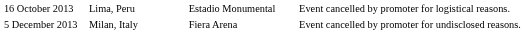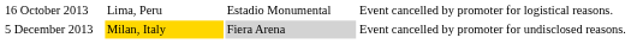 <table cellpadding="2" style="border:0 solid darkgrey; font-size:90%">
 <tr>
 <th style="width:150px;"></th>
 <th style="width:200px;"></th>
 <th style="width:200px;"></th>
 <th style="width:750px;"></th>
 </tr>
 <tr border="0"|->
 <td>16 October 2013</td>
 <td>Lima, Peru</td>
 <td>Estadio Monumental</td>
 <td>Event cancelled by promoter for logistical reasons.</td>
 </tr>
 <tr>
 <td>5 December 2013</td>
-<td>Milan, Italy</td>
-<td>Fiera Arena</td>
+<td style="background: gold;">Milan, Italy</td>
+<td style="background: lightgrey;">Fiera Arena</td>
 <td>Event cancelled by promoter for undisclosed reasons.</td>
 </tr>
 </table>
